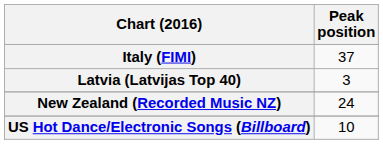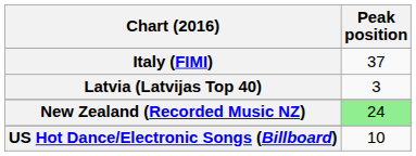 <table class="wikitable sortable plainrowheaders" style="text-align:center;">
 <tr>
 <th scope="col">Chart (2016)</th>
 <th scope="col">Peak<br>position</th>
 </tr>
 <tr>
 </tr>
 <tr>
 </tr>
 <tr>
 </tr>
 <tr>
 </tr>
 <tr>
 </tr>
 <tr>
 </tr>
 <tr>
 </tr>
 <tr>
 </tr>
 <tr>
 </tr>
 <tr>
 </tr>
 <tr>
 <th scope="row">Italy (<a href='#'>FIMI</a>)</th>
 <td>37</td>
 </tr>
 <tr>
 <th scope="row">Latvia (Latvijas Top 40)</th>
 <td>3</td>
 </tr>
 <tr>
 </tr>
 <tr>
 </tr>
 <tr>
 <th scope="row">New Zealand (<a href='#'>Recorded Music NZ</a>)</th>
-<td>24</td>
+<td style="background: lightgreen;">24</td>
 </tr>
 <tr>
 </tr>
 <tr>
 </tr>
 <tr>
 </tr>
 <tr>
 </tr>
 <tr>
 </tr>
 <tr>
 </tr>
 <tr>
 </tr>
 <tr>
 </tr>
 <tr>
 <th scope="row">US <a href='#'>Hot Dance/Electronic Songs</a> (<em><a href='#'>Billboard</a></em>)</th>
 <td>10</td>
 </tr>
 </table>
